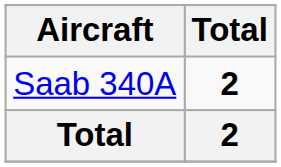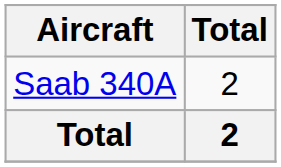 <table class="wikitable" style="margin:0.5em auto; text-align:center">
 <tr>
 <th>Aircraft</th>
 <th>Total</th>
 </tr>
 <tr>
 <td><a href='#'>Saab 340A</a></td>
-<td><strong>2</strong></td>
+<td>2</td>
 </tr>
 <tr>
 <th>Total</th>
 <th>2</th>
 </tr>
 <tr>
 </tr>
 </table>
